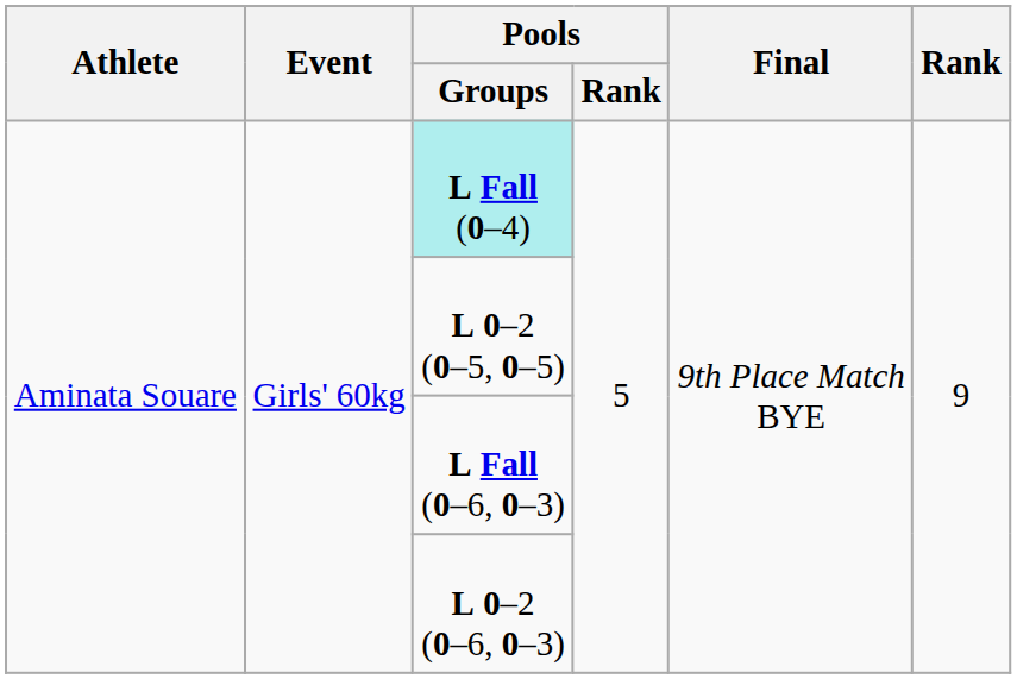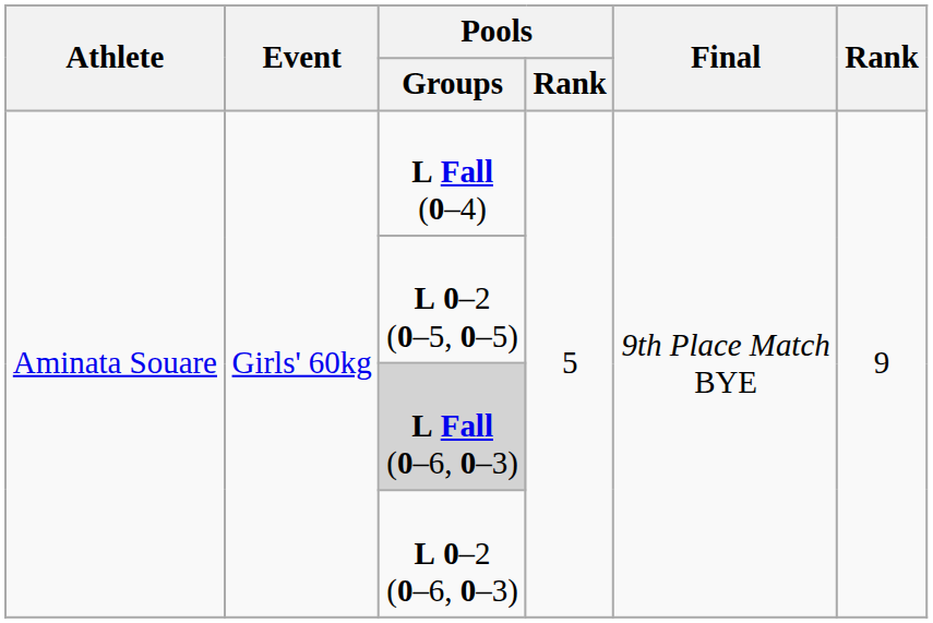 <table class="wikitable" style="text-align:left; font-size:90%">
 <tr>
 <th rowspan="2">Athlete</th>
 <th rowspan="2">Event</th>
 <th colspan="2">Pools</th>
 <th rowspan="2">Final</th>
 <th rowspan="2">Rank</th>
 </tr>
 <tr>
 <th>Groups</th>
 <th>Rank</th>
 </tr>
 <tr>
 <td rowspan="4"><a href='#'>Aminata Souare</a></td>
 <td rowspan="4"><a href='#'>Girls' 60kg</a></td>
-<td align=center style="background: paleturquoise;"><br><strong>L</strong> <strong><a href='#'>Fall</a></strong><br>(<strong>0</strong>–4)</td>
+<td align=center><br><strong>L</strong> <strong><a href='#'>Fall</a></strong><br>(<strong>0</strong>–4)</td>
 <td rowspan="4" align=center>5</td>
 <td align=center rowspan=4><em>9th Place Match</em><br>BYE</td>
 <td rowspan="4" align="center">9</td>
 </tr>
 <tr>
 <td align=center><br><strong>L</strong> <strong>0</strong>–2<br>(<strong>0</strong>–5, <strong>0</strong>–5)</td>
 </tr>
 <tr>
-<td align=center><br><strong>L</strong> <strong><a href='#'>Fall</a></strong><br>(<strong>0</strong>–6, <strong>0</strong>–3)</td>
+<td align=center style="background: lightgrey;"><br><strong>L</strong> <strong><a href='#'>Fall</a></strong><br>(<strong>0</strong>–6, <strong>0</strong>–3)</td>
 </tr>
 <tr>
 <td align=center><br><strong>L</strong> <strong>0</strong>–2<br>(<strong>0</strong>–6, <strong>0</strong>–3)</td>
 </tr>
 </table>
